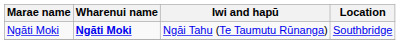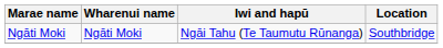 <table class="wikitable sortable">
 <tr>
 <th>Marae name</th>
 <th>Wharenui name</th>
 <th>Iwi and hapū</th>
 <th>Location</th>
 </tr>
 <tr>
 <td><a href='#'>Ngāti Moki</a></td>
-<td><strong><a href='#'>Ngāti Moki</a></strong></td>
+<td><a href='#'>Ngāti Moki</a></td>
 <td><a href='#'>Ngāi Tahu</a> (<a href='#'>Te Taumutu Rūnanga</a>)</td>
 <td><a href='#'>Southbridge</a></td>
 </tr>
 <tr>
 </tr>
 </table>
